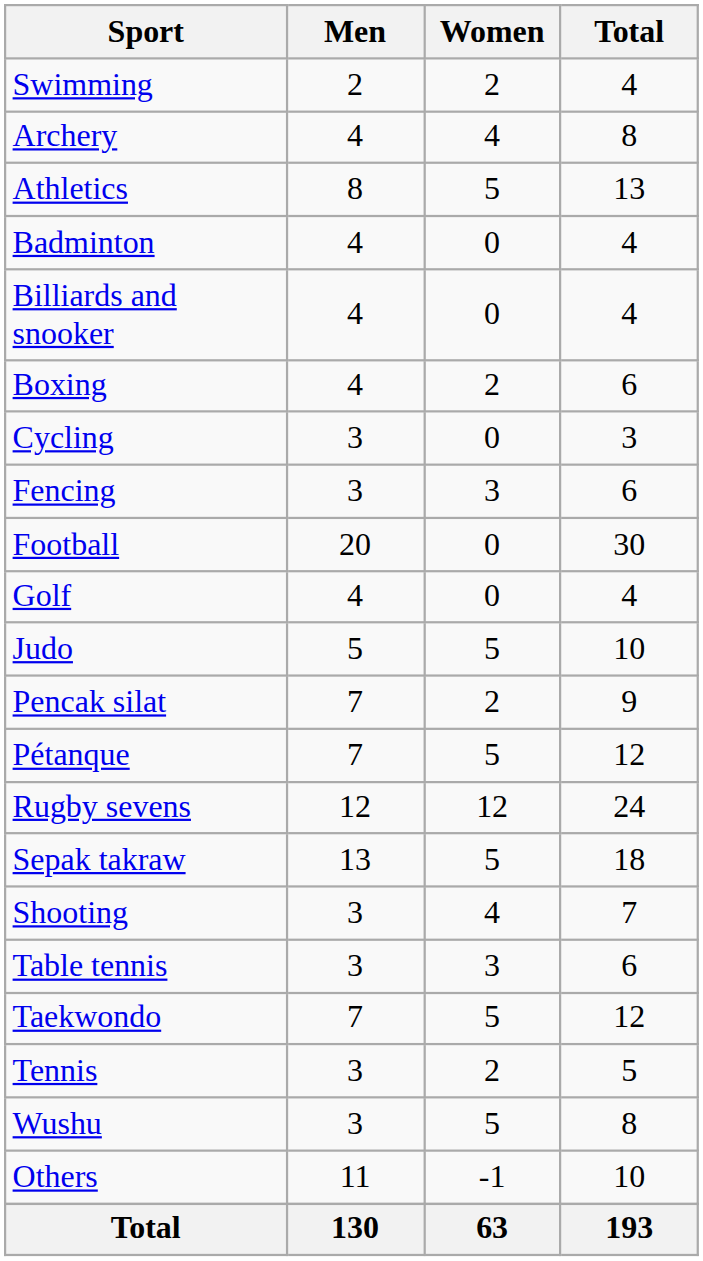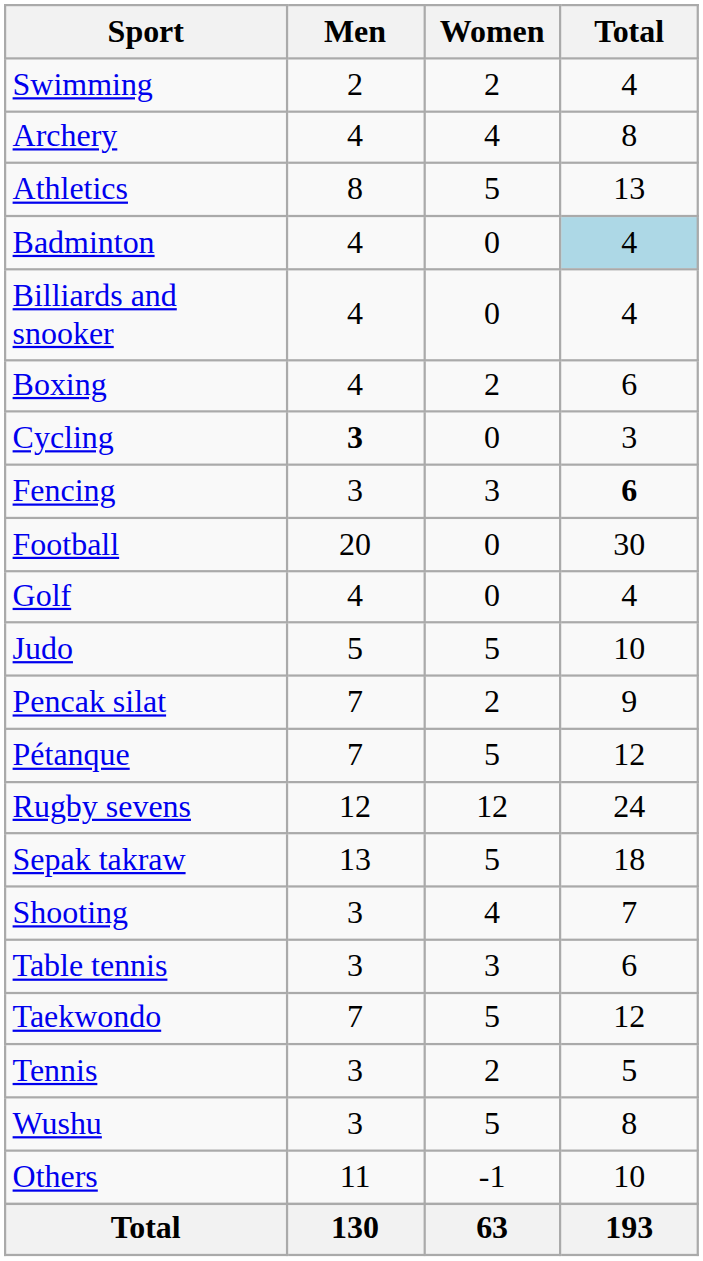 <table class="wikitable sortable" style="font-size:90%; text-align:center;">
 <tr>
 <th width=120>Sport</th>
 <th width=55>Men</th>
 <th width=55>Women</th>
 <th width=55>Total</th>
 </tr>
 <tr>
 <td align=left><a href='#'>Swimming</a></td>
 <td>2</td>
 <td>2</td>
 <td>4</td>
 </tr>
 <tr>
 <td align=left><a href='#'>Archery</a></td>
 <td>4</td>
 <td>4</td>
 <td>8</td>
 </tr>
 <tr>
 <td align=left><a href='#'>Athletics</a></td>
 <td>8</td>
 <td>5</td>
 <td>13</td>
 </tr>
 <tr>
 <td align=left><a href='#'>Badminton</a></td>
 <td>4</td>
 <td>0</td>
-<td>4</td>
+<td style="background: lightblue;">4</td>
 </tr>
 <tr>
 <td align=left><a href='#'>Billiards and snooker</a></td>
 <td>4</td>
 <td>0</td>
 <td>4</td>
 </tr>
 <tr>
 <td align=left><a href='#'>Boxing</a></td>
 <td>4</td>
 <td>2</td>
 <td>6</td>
 </tr>
 <tr>
 <td align=left><a href='#'>Cycling</a></td>
-<td>3</td>
+<td><strong>3</strong></td>
 <td>0</td>
 <td>3</td>
 </tr>
 <tr>
 <td align=left><a href='#'>Fencing</a></td>
 <td>3</td>
 <td>3</td>
-<td>6</td>
+<td><strong>6</strong></td>
 </tr>
 <tr>
 <td align=left><a href='#'>Football</a></td>
 <td>20</td>
 <td>0</td>
 <td>30</td>
 </tr>
 <tr>
 <td align=left><a href='#'>Golf</a></td>
 <td>4</td>
 <td>0</td>
 <td>4</td>
 </tr>
 <tr>
 <td align=left><a href='#'>Judo</a></td>
 <td>5</td>
 <td>5</td>
 <td>10</td>
 </tr>
 <tr>
 <td align=left><a href='#'>Pencak silat</a></td>
 <td>7</td>
 <td>2</td>
 <td>9</td>
 </tr>
 <tr>
 <td align=left><a href='#'>Pétanque</a></td>
 <td>7</td>
 <td>5</td>
 <td>12</td>
 </tr>
 <tr>
 <td align=left><a href='#'>Rugby sevens</a></td>
 <td>12</td>
 <td>12</td>
 <td>24</td>
 </tr>
 <tr>
 <td align=left><a href='#'>Sepak takraw</a></td>
 <td>13</td>
 <td>5</td>
 <td>18</td>
 </tr>
 <tr>
 <td align=left><a href='#'>Shooting</a></td>
 <td>3</td>
 <td>4</td>
 <td>7</td>
 </tr>
 <tr>
 <td align=left><a href='#'>Table tennis</a></td>
 <td>3</td>
 <td>3</td>
 <td>6</td>
 </tr>
 <tr>
 <td align=left><a href='#'>Taekwondo</a></td>
 <td>7</td>
 <td>5</td>
 <td>12</td>
 </tr>
 <tr>
 <td align=left><a href='#'>Tennis</a></td>
 <td>3</td>
 <td>2</td>
 <td>5</td>
 </tr>
 <tr>
 <td align=left><a href='#'>Wushu</a></td>
 <td>3</td>
 <td>5</td>
 <td>8</td>
 </tr>
 <tr>
 <td align=left><a href='#'>Others</a></td>
 <td>11</td>
 <td>-1</td>
 <td>10</td>
 </tr>
 <tr>
 </tr>
 <tr class="sortbottom">
 <th>Total</th>
 <th>130</th>
 <th>63</th>
 <th>193</th>
 </tr>
 </table>
